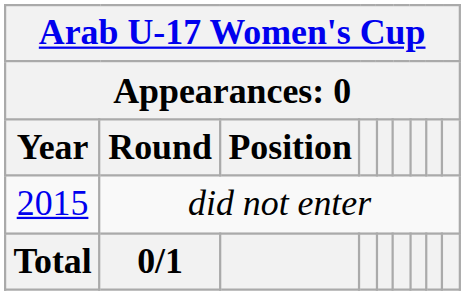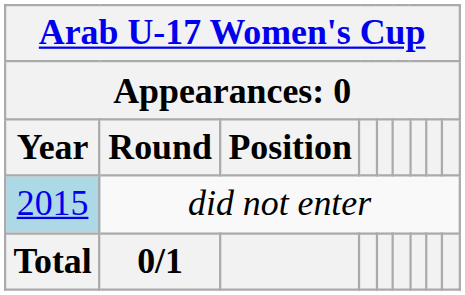 <table class="wikitable" style="text-align: center;">
 <tr>
 <th colspan=9><a href='#'>Arab U-17 Women's Cup</a></th>
 </tr>
 <tr>
 <th colspan=9>Appearances: 0</th>
 </tr>
 <tr>
 <th>Year</th>
 <th>Round</th>
 <th>Position</th>
 <th></th>
 <th></th>
 <th></th>
 <th></th>
 <th></th>
 <th></th>
 </tr>
 <tr>
-<td> <a href='#'>2015</a></td>
+<td style="background: lightblue;"> <a href='#'>2015</a></td>
 <td rowspan=1 colspan=9><em>did not enter</em></td>
 </tr>
 <tr>
 <th>Total</th>
 <th>0/1</th>
 <th></th>
 <th></th>
 <th></th>
 <th></th>
 <th></th>
 <th></th>
 <th></th>
 </tr>
 </table>
